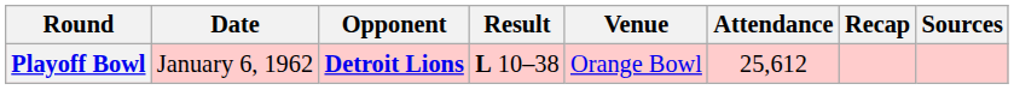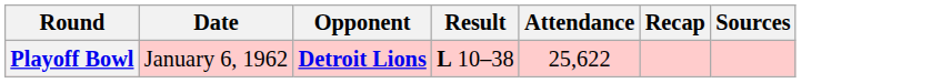 <table class="wikitable" style="text-align:center">
 <tr>
 <th>Round</th>
 <th>Date</th>
 <th>Opponent</th>
 <th>Result</th>
-<th>Venue</th>
 <th>Attendance</th>
 <th>Recap</th>
 <th>Sources</th>
 </tr>
 <tr style="background:#fcc">
 <th><a href='#'>Playoff Bowl</a></th>
 <td>January 6, 1962</td>
 <td><strong><a href='#'>Detroit Lions</a></strong></td>
 <td><strong>L</strong> 10–38</td>
-<td><a href='#'>Orange Bowl</a></td>
-<td>25,612</td>
+<td>25,622</td>
 <td></td>
 <td></td>
 </tr>
 </table>
